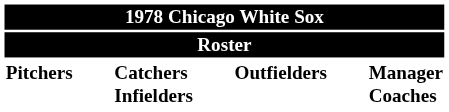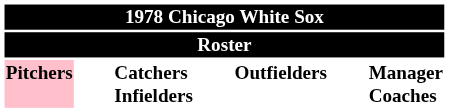 <table class="toccolours" style="font-size: 95%;">
 <tr>
 <th colspan="10" style="background-color: black; color: white; text-align: center;">1978 Chicago White Sox</th>
 </tr>
 <tr>
 <td colspan="10" style="background-color: black; color: white; text-align: center;"><strong>Roster</strong></td>
 </tr>
 <tr>
-<td valign="top"><strong>Pitchers</strong><br>              </td>
+<td valign="top" style="background: pink;"><strong>Pitchers</strong><br>              </td>
 <td width="25px"></td>
 <td valign="top"><strong>Catchers</strong><br>    <strong>Infielders</strong>             </td>
 <td width="25px"></td>
 <td valign="top"><strong>Outfielders</strong><br>          </td>
 <td width="25px"></td>
 <td valign="top"><strong>Manager</strong><br>  <strong>Coaches</strong>      </td>
 </tr>
 </table>
